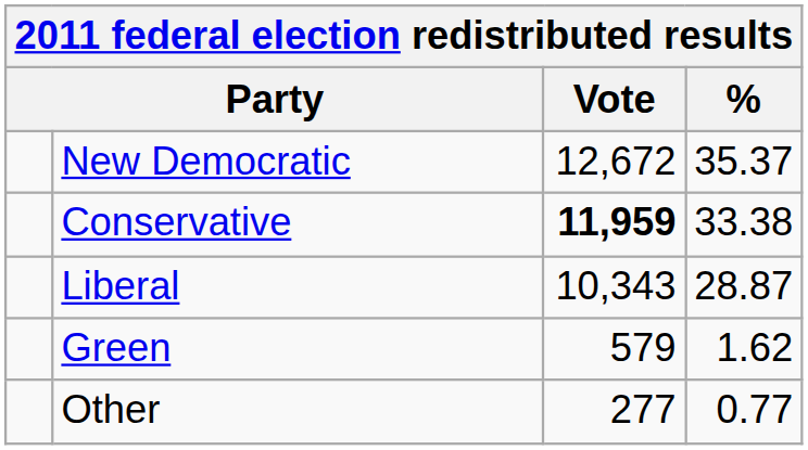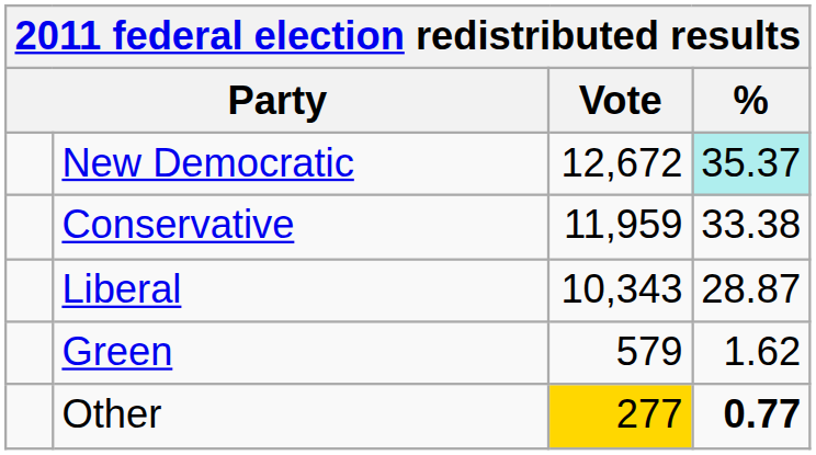 <table class="wikitable">
 <tr>
 <th colspan="4"><a href='#'>2011 federal election</a> redistributed results</th>
 </tr>
 <tr>
 <th bgcolor="#DDDDFF" width="130px" colspan="2">Party</th>
 <th bgcolor="#DDDDFF" width="50px">Vote</th>
 <th bgcolor="#DDDDFF" width="30px">%</th>
 </tr>
 <tr>
 <td> </td>
 <td><a href='#'>New Democratic</a></td>
 <td align=right>12,672</td>
-<td align=right>35.37</td>
+<td align=right style="background: paleturquoise;">35.37</td>
 </tr>
 <tr>
 <td> </td>
 <td><a href='#'>Conservative</a></td>
-<td align=right><strong>11,959</strong></td>
+<td align=right>11,959</td>
 <td align=right>33.38</td>
 </tr>
 <tr>
 <td> </td>
 <td><a href='#'>Liberal</a></td>
 <td align=right>10,343</td>
 <td align=right>28.87</td>
 </tr>
 <tr>
 <td> </td>
 <td><a href='#'>Green</a></td>
 <td align=right>579</td>
 <td align=right>1.62</td>
 </tr>
 <tr>
 <td> </td>
 <td>Other</td>
-<td align=right>277</td>
-<td align=right>0.77</td>
+<td align=right style="background: gold;">277</td>
+<td align=right><strong>0.77</strong></td>
 </tr>
 </table>
